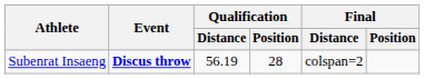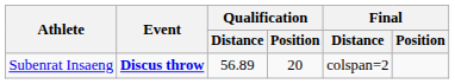 <table class=wikitable style=font-size:90%>
 <tr>
 <th rowspan=2>Athlete</th>
 <th rowspan=2>Event</th>
 <th colspan=2>Qualification</th>
 <th colspan=2>Final</th>
 </tr>
 <tr style=font-size:95%>
 <th>Distance</th>
 <th>Position</th>
 <th>Distance</th>
 <th>Position</th>
 </tr>
 <tr align=center>
 <td align=left><a href='#'>Subenrat Insaeng</a></td>
 <td align=left><strong><a href='#'>Discus throw</a></strong></td>
-<td>56.19</td>
-<td>28</td>
+<td>56.89</td>
+<td>20</td>
 <td>colspan=2 </td>
 </tr>
 </table>
